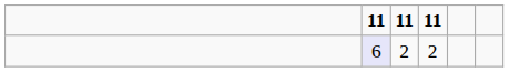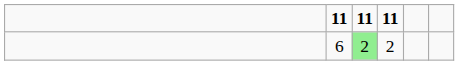 <table class="wikitable">
 <tr>
 <td style="width:18em"><strong></strong></td>
 <td align=center style="width:1em"><strong>11</strong></td>
 <td align=center style="width:1em"><strong>11</strong></td>
 <td align=center style="width:1em"><strong>11</strong></td>
 <td align=center style="width:1em"></td>
 <td align=center style="width:1em"></td>
 </tr>
 <tr>
 <td style="width:18em"></td>
-<td align=center style="background: lavender; width:1em">6</td>
-<td align=center style="width:1em">2</td>
+<td align=center style="width:1em">6</td>
+<td align=center style="background: lightgreen; width:1em">2</td>
 <td align=center style="width:1em">2</td>
 <td align=center style="width:1em"></td>
 <td align=center style="width:1em"></td>
 </tr>
 </table>
